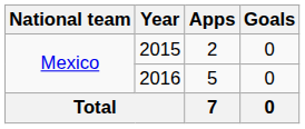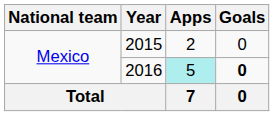 <table class="wikitable" style="text-align: center;">
 <tr>
 <th>National team</th>
 <th>Year</th>
 <th>Apps</th>
 <th>Goals</th>
 </tr>
 <tr>
 <td rowspan="2" valign="center"><a href='#'>Mexico</a></td>
 <td>2015</td>
 <td>2</td>
 <td>0</td>
 </tr>
 <tr>
 <td>2016</td>
-<td>5</td>
-<td>0</td>
+<td style="background: paleturquoise;">5</td>
+<td><strong>0</strong></td>
 </tr>
 <tr>
 <th colspan="2">Total</th>
 <th>7</th>
 <th>0</th>
 </tr>
 </table>
